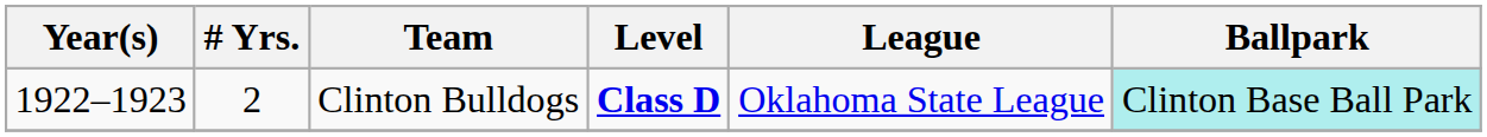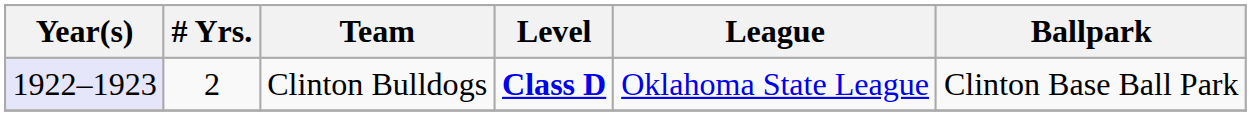 <table class="wikitable" style="text-align:center; font-size: 95%;">
 <tr>
 <th>Year(s)</th>
 <th># Yrs.</th>
 <th>Team</th>
 <th>Level</th>
 <th>League</th>
 <th>Ballpark</th>
 </tr>
 <tr>
-<td>1922–1923</td>
+<td style="background: lavender;">1922–1923</td>
 <td>2</td>
 <td>Clinton Bulldogs</td>
 <td><strong><a href='#'>Class D</a></strong></td>
 <td><a href='#'>Oklahoma State League</a></td>
-<td style="background: paleturquoise;">Clinton Base Ball Park</td>
+<td>Clinton Base Ball Park</td>
 </tr>
 <tr>
 </tr>
 </table>
